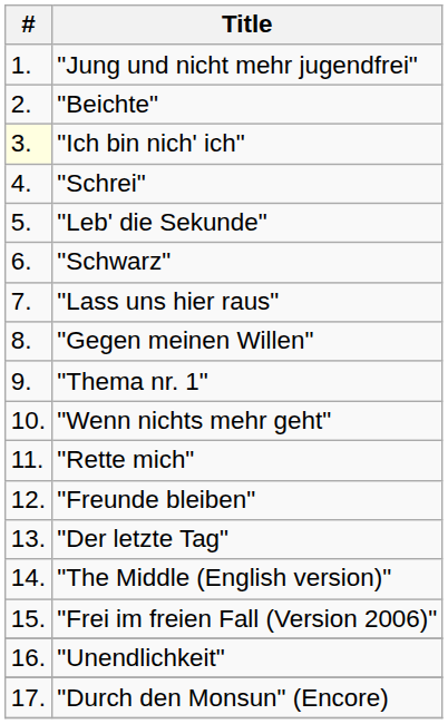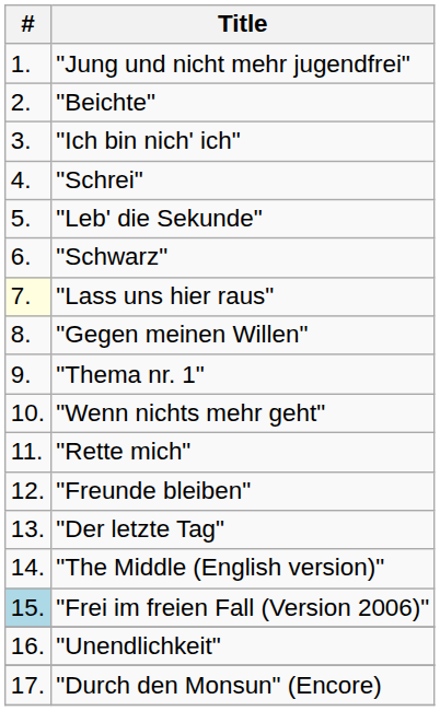 <table class="wikitable">
 <tr>
 <th>#</th>
 <th>Title</th>
 </tr>
 <tr>
 <td>1.</td>
 <td>"Jung und nicht mehr jugendfrei"</td>
 </tr>
 <tr>
 <td>2.</td>
 <td>"Beichte"</td>
 </tr>
 <tr>
-<td style="background: lightyellow;">3.</td>
+<td>3.</td>
 <td>"Ich bin nich' ich"</td>
 </tr>
 <tr>
 <td>4.</td>
 <td>"Schrei"</td>
 </tr>
 <tr>
 <td>5.</td>
 <td>"Leb' die Sekunde"</td>
 </tr>
 <tr>
 <td>6.</td>
 <td>"Schwarz"</td>
 </tr>
 <tr>
-<td>7.</td>
+<td style="background: lightyellow;">7.</td>
 <td>"Lass uns hier raus"</td>
 </tr>
 <tr>
 <td>8.</td>
 <td>"Gegen meinen Willen"</td>
 </tr>
 <tr>
 <td>9.</td>
 <td>"Thema nr. 1"</td>
 </tr>
 <tr>
 <td>10.</td>
 <td>"Wenn nichts mehr geht"</td>
 </tr>
 <tr>
 <td>11.</td>
 <td>"Rette mich"</td>
 </tr>
 <tr>
 <td>12.</td>
 <td>"Freunde bleiben"</td>
 </tr>
 <tr>
 <td>13.</td>
 <td>"Der letzte Tag"</td>
 </tr>
 <tr>
 <td>14.</td>
 <td>"The Middle (English version)"</td>
 </tr>
 <tr>
-<td>15.</td>
+<td style="background: lightblue;">15.</td>
 <td>"Frei im freien Fall (Version 2006)"</td>
 </tr>
 <tr solo guitar>
 </tr>
 <tr>
 <td>16.</td>
 <td>"Unendlichkeit"</td>
 </tr>
 <tr solo drum>
 </tr>
 <tr>
 <td>17.</td>
 <td>"Durch den Monsun" (Encore)</td>
 </tr>
 <tr>
 </tr>
 </table>
